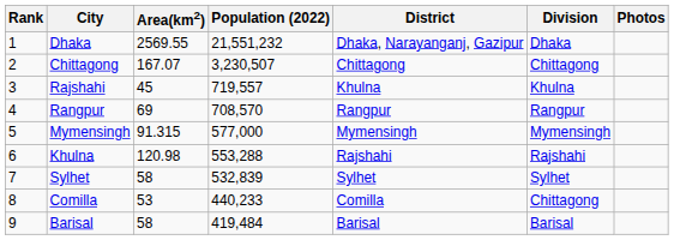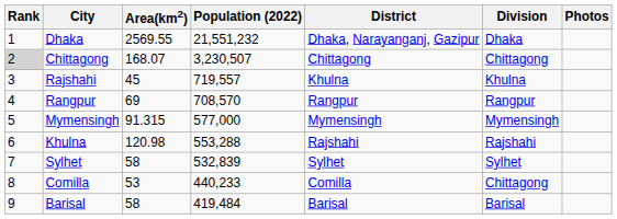 <table class="wikitable sortable">
 <tr>
 <th>Rank</th>
 <th>City</th>
 <th>Area(km<sup>2</sup>)</th>
 <th>Population (2022)</th>
 <th>District</th>
 <th>Division</th>
 <th>Photos</th>
 </tr>
 <tr>
 <td>1</td>
 <td><a href='#'>Dhaka</a></td>
 <td>2569.55</td>
 <td>21,551,232</td>
 <td><a href='#'>Dhaka</a>, <a href='#'>Narayanganj</a>,  <a href='#'>Gazipur</a></td>
 <td><a href='#'>Dhaka</a></td>
 <td></td>
 </tr>
 <tr>
-<td>2</td>
+<td style="background: lightgrey;">2</td>
 <td><a href='#'>Chittagong</a></td>
-<td>167.07</td>
+<td>168.07</td>
 <td>3,230,507</td>
 <td><a href='#'>Chittagong</a></td>
 <td><a href='#'>Chittagong</a></td>
 <td></td>
 </tr>
 <tr>
 <td>3</td>
 <td><a href='#'>Rajshahi</a></td>
 <td>45</td>
 <td>719,557</td>
 <td><a href='#'>Khulna</a></td>
 <td><a href='#'>Khulna</a></td>
 <td></td>
 </tr>
 <tr>
 <td>4</td>
 <td><a href='#'>Rangpur</a></td>
 <td>69</td>
 <td>708,570</td>
 <td><a href='#'>Rangpur</a></td>
 <td><a href='#'>Rangpur</a></td>
 <td></td>
 </tr>
 <tr>
 <td>5</td>
 <td><a href='#'>Mymensingh</a></td>
 <td>91.315</td>
 <td>577,000</td>
 <td><a href='#'>Mymensingh</a></td>
 <td><a href='#'>Mymensingh</a></td>
 <td></td>
 </tr>
 <tr>
 <td>6</td>
 <td><a href='#'>Khulna</a></td>
 <td>120.98</td>
 <td>553,288</td>
 <td><a href='#'>Rajshahi</a></td>
 <td><a href='#'>Rajshahi</a></td>
 <td></td>
 </tr>
 <tr>
 <td>7</td>
 <td><a href='#'>Sylhet</a></td>
 <td>58</td>
 <td>532,839</td>
 <td><a href='#'>Sylhet</a></td>
 <td><a href='#'>Sylhet</a></td>
 <td></td>
 </tr>
 <tr>
 <td>8</td>
 <td><a href='#'>Comilla</a></td>
 <td>53</td>
 <td>440,233</td>
 <td><a href='#'>Comilla</a></td>
 <td><a href='#'>Chittagong</a></td>
 <td></td>
 </tr>
 <tr>
 <td>9</td>
 <td><a href='#'>Barisal</a></td>
 <td>58</td>
 <td>419,484</td>
 <td><a href='#'>Barisal</a></td>
 <td><a href='#'>Barisal</a></td>
 <td></td>
 </tr>
 </table>
